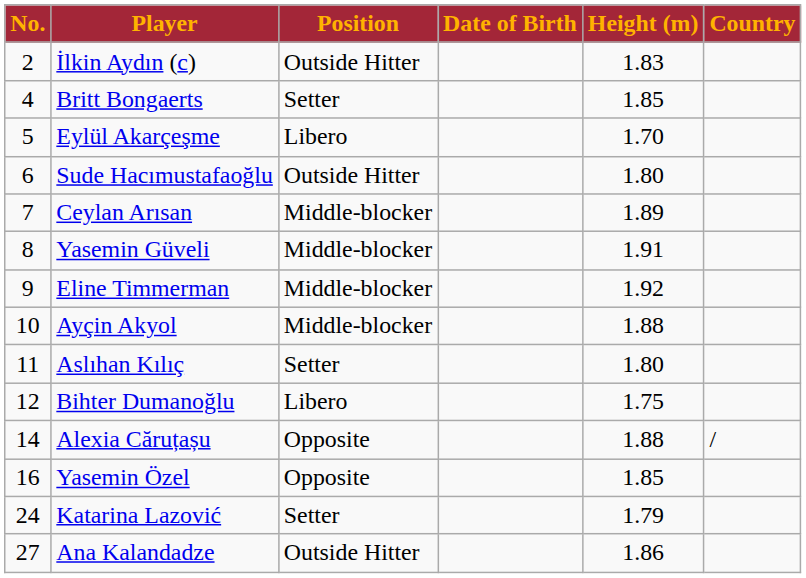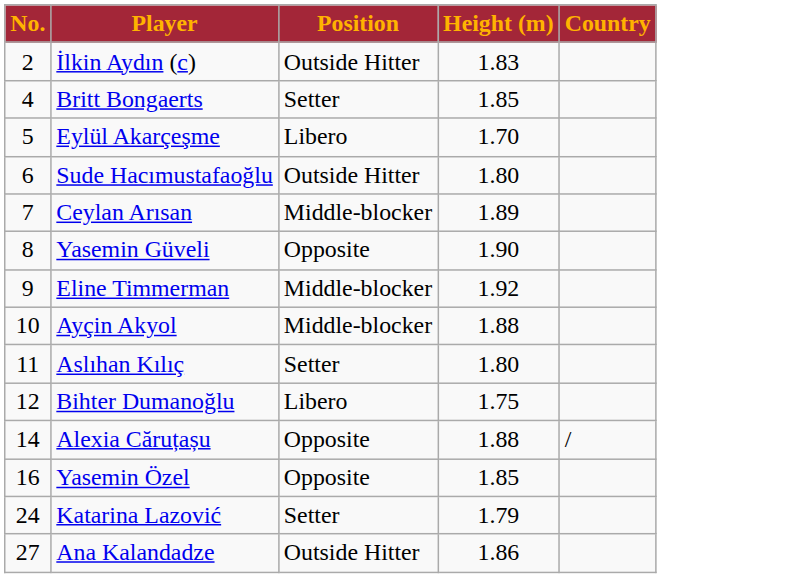 <table class="wikitable plainrowheaders sortable">
 <tr>
 <th style="background:#A32638; color:#FFB300; ">No.</th>
 <th style="background:#A32638; color:#FFB300; ">Player</th>
 <th style="background:#A32638; color:#FFB300; ">Position</th>
-<th style="background:#A32638; color:#FFB300; ">Date of Birth</th>
 <th style="background:#A32638; color:#FFB300; ">Height (m)</th>
 <th style="background:#A32638; color:#FFB300; ">Country</th>
 </tr>
 <tr>
 <td align="center">2</td>
 <td><a href='#'>İlkin Aydın</a> (<a href='#'>c</a>)</td>
 <td>Outside Hitter</td>
-<td></td>
 <td align="center">1.83</td>
 <td></td>
 </tr>
 <tr>
 <td align="center">4</td>
 <td><a href='#'>Britt Bongaerts</a></td>
 <td>Setter</td>
-<td></td>
 <td align="center">1.85</td>
 <td></td>
 </tr>
 <tr>
 <td align="center">5</td>
 <td><a href='#'>Eylül Akarçeşme</a></td>
 <td>Libero</td>
-<td></td>
 <td align="center">1.70</td>
 <td></td>
 </tr>
 <tr>
 <td align="center">6</td>
 <td><a href='#'>Sude Hacımustafaoğlu</a></td>
 <td>Outside Hitter</td>
-<td></td>
 <td align="center">1.80</td>
 <td></td>
 </tr>
 <tr>
 <td align="center">7</td>
 <td><a href='#'>Ceylan Arısan</a></td>
 <td>Middle-blocker</td>
-<td></td>
 <td align="center">1.89</td>
 <td></td>
 </tr>
 <tr>
 <td align="center">8</td>
 <td><a href='#'>Yasemin Güveli</a></td>
-<td>Middle-blocker</td>
-<td></td>
-<td align="center">1.91</td>
+<td>Opposite</td>
+<td align="center">1.90</td>
 <td></td>
 </tr>
 <tr>
 <td align="center">9</td>
 <td><a href='#'>Eline Timmerman</a></td>
 <td>Middle-blocker</td>
-<td></td>
 <td align="center">1.92</td>
 <td></td>
 </tr>
 <tr>
 <td align="center">10</td>
 <td><a href='#'>Ayçin Akyol</a></td>
 <td>Middle-blocker</td>
-<td></td>
 <td align="center">1.88</td>
 <td></td>
 </tr>
 <tr>
 <td align="center">11</td>
 <td><a href='#'>Aslıhan Kılıç</a></td>
 <td>Setter</td>
-<td></td>
 <td align="center">1.80</td>
 <td></td>
 </tr>
 <tr>
 <td align="center">12</td>
 <td><a href='#'>Bihter Dumanoğlu</a></td>
 <td>Libero</td>
-<td></td>
 <td align="center">1.75</td>
 <td></td>
 </tr>
 <tr>
 <td align="center">14</td>
 <td><a href='#'>Alexia Căruțașu</a></td>
 <td>Opposite</td>
-<td></td>
 <td align="center">1.88</td>
 <td> / </td>
 </tr>
 <tr>
 <td align="center">16</td>
 <td><a href='#'>Yasemin Özel</a></td>
 <td>Opposite</td>
-<td></td>
 <td align="center">1.85</td>
 <td></td>
 </tr>
 <tr>
 <td align="center">24</td>
 <td><a href='#'>Katarina Lazović</a></td>
 <td>Setter</td>
-<td></td>
 <td align="center">1.79</td>
 <td></td>
 </tr>
 <tr>
 <td align="center">27</td>
 <td><a href='#'>Ana Kalandadze</a></td>
 <td>Outside Hitter</td>
-<td></td>
 <td align="center">1.86</td>
 <td></td>
 </tr>
 </table>
